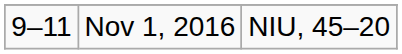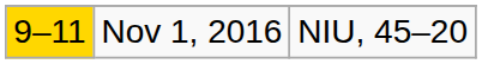 <table class="wikitable">
 <tr align="center">
 </tr>
 <tr align="center">
-<td>9–11</td>
+<td style="background: gold;">9–11</td>
 <td>Nov 1, 2016</td>
 <td>NIU, 45–20</td>
 </tr>
 </table>
